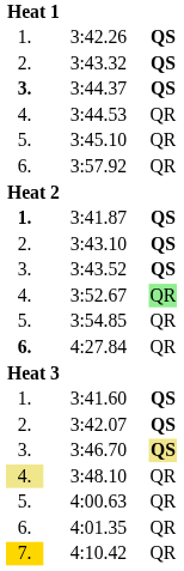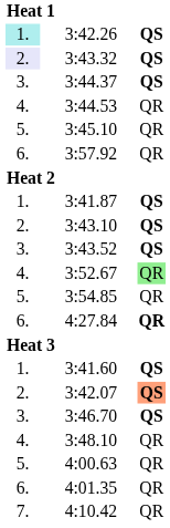 <table style="text-align:center">
 <tr>
 <td colspan=4 align=left><strong>Heat 1</strong></td>
 </tr>
 <tr>
-<td width=30>1.</td>
+<td width=30 style="background: paleturquoise;">1.</td>
 <td align=left></td>
 <td width=80>3:42.26</td>
 <td><strong>QS</strong></td>
 </tr>
 <tr>
-<td>2.</td>
+<td style="background: lavender;">2.</td>
 <td align=left></td>
 <td>3:43.32</td>
 <td><strong>QS</strong></td>
 </tr>
 <tr>
-<td><strong>3.</strong></td>
+<td>3.</td>
 <td align=left></td>
 <td>3:44.37</td>
 <td><strong>QS</strong></td>
 </tr>
 <tr>
 <td>4.</td>
 <td align=left></td>
 <td>3:44.53</td>
 <td>QR</td>
 </tr>
 <tr>
 <td>5.</td>
 <td align=left></td>
 <td>3:45.10</td>
 <td>QR</td>
 </tr>
 <tr>
 <td>6.</td>
 <td align=left></td>
 <td>3:57.92</td>
 <td>QR</td>
 </tr>
 <tr>
 <td colspan=4 align=left><strong>Heat 2</strong></td>
 </tr>
 <tr>
-<td><strong>1.</strong></td>
+<td>1.</td>
 <td align=left></td>
 <td>3:41.87</td>
 <td><strong>QS</strong></td>
 </tr>
 <tr>
 <td>2.</td>
 <td align=left></td>
 <td>3:43.10</td>
 <td><strong>QS</strong></td>
 </tr>
 <tr>
 <td>3.</td>
 <td align=left></td>
 <td>3:43.52</td>
 <td><strong>QS</strong></td>
 </tr>
 <tr>
 <td>4.</td>
 <td align=left></td>
 <td>3:52.67</td>
 <td style="background: lightgreen;">QR</td>
 </tr>
 <tr>
 <td>5.</td>
 <td align=left></td>
 <td>3:54.85</td>
 <td>QR</td>
 </tr>
 <tr>
-<td><strong>6.</strong></td>
+<td>6.</td>
 <td align=left></td>
 <td>4:27.84</td>
-<td>QR</td>
+<td><strong>QR</strong></td>
 </tr>
 <tr>
 <td colspan=4 align=left><strong>Heat 3</strong></td>
 </tr>
 <tr>
 <td>1.</td>
 <td align=left></td>
 <td>3:41.60</td>
 <td><strong>QS</strong></td>
 </tr>
 <tr>
 <td>2.</td>
 <td align=left></td>
 <td>3:42.07</td>
-<td><strong>QS</strong></td>
+<td style="background: lightsalmon;"><strong>QS</strong></td>
 </tr>
 <tr>
 <td>3.</td>
 <td align=left></td>
 <td>3:46.70</td>
-<td style="background: khaki;"><strong>QS</strong></td>
+<td><strong>QS</strong></td>
 </tr>
 <tr>
-<td style="background: khaki;">4.</td>
+<td>4.</td>
 <td align=left></td>
 <td>3:48.10</td>
 <td>QR</td>
 </tr>
 <tr>
 <td>5.</td>
 <td align=left></td>
 <td>4:00.63</td>
 <td>QR</td>
 </tr>
 <tr>
 <td>6.</td>
 <td align=left></td>
 <td>4:01.35</td>
 <td>QR</td>
 </tr>
 <tr>
-<td style="background: gold;">7.</td>
+<td>7.</td>
 <td align=left></td>
 <td>4:10.42</td>
 <td>QR</td>
 </tr>
 </table>
